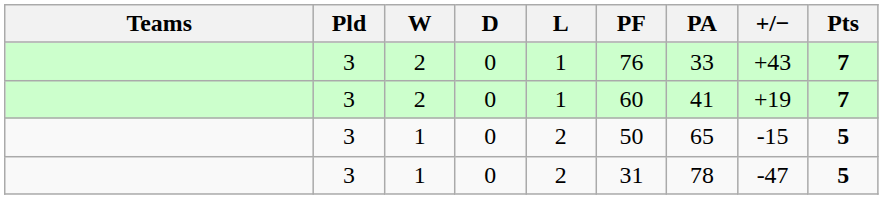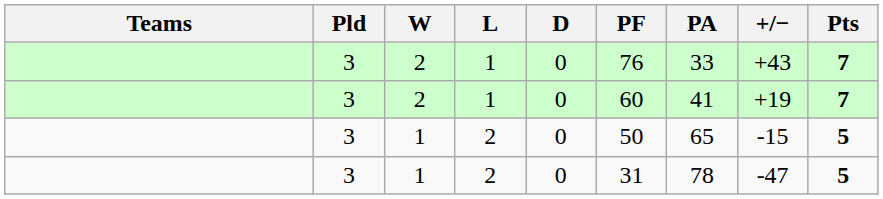 <table class="wikitable" style="text-align: center;">
 <tr>
 <th style="width:200px;">Teams</th>
 <th width="40">Pld</th>
 <th width="40">W</th>
+<th width="40">L</th>
 <th width="40">D</th>
-<th width="40">L</th>
 <th width="40">PF</th>
 <th width="40">PA</th>
 <th width="40">+/−</th>
 <th width="40">Pts</th>
 </tr>
 <tr bgcolor=ccffcc>
 <td align=left></td>
 <td>3</td>
 <td>2</td>
+<td>1</td>
 <td>0</td>
-<td>1</td>
 <td>76</td>
 <td>33</td>
 <td>+43</td>
 <td><strong>7</strong></td>
 </tr>
 <tr bgcolor=ccffcc>
 <td align=left></td>
 <td>3</td>
 <td>2</td>
+<td>1</td>
 <td>0</td>
-<td>1</td>
 <td>60</td>
 <td>41</td>
 <td>+19</td>
 <td><strong>7</strong></td>
 </tr>
 <tr>
 <td align=left></td>
 <td>3</td>
 <td>1</td>
+<td>2</td>
 <td>0</td>
-<td>2</td>
 <td>50</td>
 <td>65</td>
 <td>-15</td>
 <td><strong>5</strong></td>
 </tr>
 <tr>
 <td align=left></td>
 <td>3</td>
 <td>1</td>
+<td>2</td>
 <td>0</td>
-<td>2</td>
 <td>31</td>
 <td>78</td>
 <td>-47</td>
 <td><strong>5</strong></td>
 </tr>
 </table>
